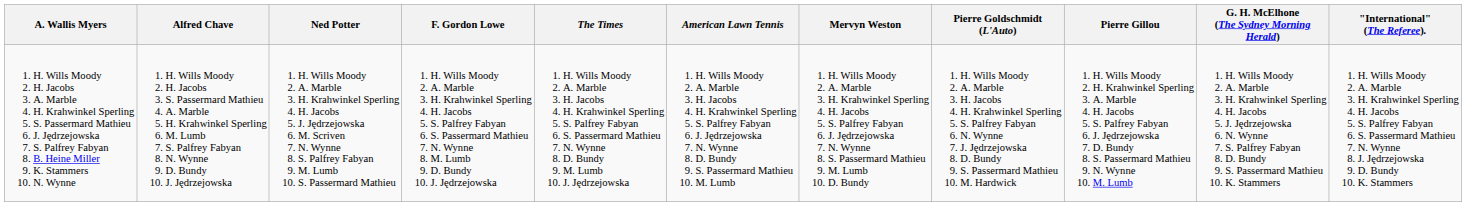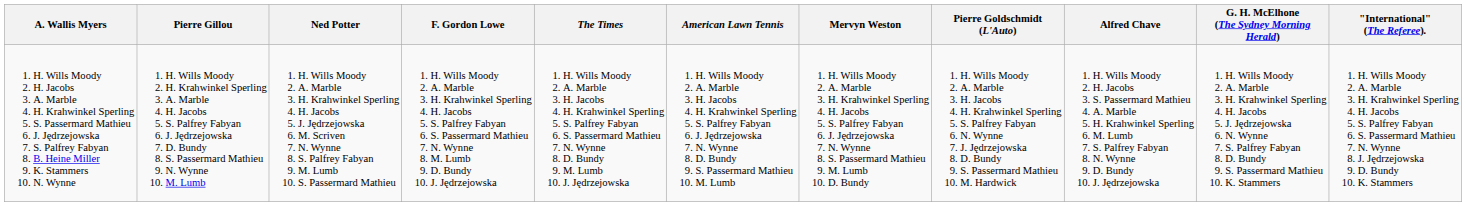 <table class="wikitable">
 <tr>
 <th>A. Wallis Myers</th>
-<th>Alfred Chave</th>
+<th>Pierre Gillou</th>
 <th>Ned Potter</th>
 <th>F. Gordon Lowe<em></em></th>
 <th><em>The Times</em></th>
 <th><em>American Lawn Tennis</em></th>
 <th>Mervyn Weston</th>
 <th>Pierre Goldschmidt<br>(<em>L'Auto</em>)</th>
-<th>Pierre Gillou</th>
+<th>Alfred Chave</th>
 <th>G. H. McElhone<em></em><br>(<em><a href='#'>The Sydney Morning Herald</a></em>)</th>
 <th>"International"<br>(<em><a href='#'>The Referee</a></em>)<em>.</em></th>
 </tr>
 <tr style="vertical-align: top;">
 <td style="white-space: nowrap;"><br><ol><li> H. Wills Moody</li><li> H. Jacobs</li><li> A. Marble</li><li> H. Krahwinkel Sperling</li><li> S. Passermard Mathieu</li><li> J. Jędrzejowska</li><li> S. Palfrey Fabyan</li><li> <a href='#'>B. Heine Miller</a></li><li> K. Stammers</li><li> N. Wynne</li></ol></td>
-<td style="white-space: nowrap;"><br><ol><li> H. Wills Moody</li><li> H. Jacobs</li><li> S. Passermard Mathieu</li><li> A. Marble</li><li> H. Krahwinkel Sperling</li><li> M. Lumb</li><li> S. Palfrey Fabyan</li><li> N. Wynne</li><li> D. Bundy</li><li> J. Jędrzejowska</li></ol></td>
+<td style="white-space: nowrap;"><br><ol><li> H. Wills Moody</li><li> H. Krahwinkel Sperling</li><li> A. Marble</li><li> H. Jacobs</li><li> S. Palfrey Fabyan</li><li> J. Jędrzejowska</li><li> D. Bundy</li><li> S. Passermard Mathieu</li><li> N. Wynne</li><li> <a href='#'>M. Lumb</a></li></ol></td>
 <td style="white-space: nowrap;"><br><ol><li> H. Wills Moody</li><li> A. Marble</li><li> H. Krahwinkel Sperling</li><li> H. Jacobs</li><li> J. Jędrzejowska</li><li> M. Scriven</li><li> N. Wynne</li><li> S. Palfrey Fabyan</li><li> M. Lumb</li><li> S. Passermard Mathieu</li></ol></td>
 <td style="white-space: nowrap;"><br><ol><li> H. Wills Moody</li><li> A. Marble</li><li> H. Krahwinkel Sperling</li><li> H. Jacobs</li><li> S. Palfrey Fabyan</li><li> S. Passermard Mathieu</li><li> N. Wynne</li><li> M. Lumb</li><li> D. Bundy</li><li> J. Jędrzejowska</li></ol></td>
 <td style="white-space: nowrap;"><br><ol><li> H. Wills Moody</li><li> A. Marble</li><li> H. Jacobs</li><li> H. Krahwinkel Sperling</li><li> S. Palfrey Fabyan</li><li> S. Passermard Mathieu</li><li> N. Wynne</li><li> D. Bundy</li><li> M. Lumb</li><li> J. Jędrzejowska</li></ol></td>
 <td style="white-space: nowrap;"><br><ol><li> H. Wills Moody</li><li> A. Marble</li><li> H. Jacobs</li><li> H. Krahwinkel Sperling</li><li> S. Palfrey Fabyan</li><li> J. Jędrzejowska</li><li> N. Wynne</li><li> D. Bundy</li><li> S. Passermard Mathieu</li><li> M. Lumb</li></ol></td>
 <td style="white-space: nowrap;"><br><ol><li> H. Wills Moody</li><li> A. Marble</li><li> H. Krahwinkel Sperling</li><li> H. Jacobs</li><li> S. Palfrey Fabyan</li><li> J. Jędrzejowska</li><li> N. Wynne</li><li> S. Passermard Mathieu</li><li> M. Lumb</li><li> D. Bundy</li></ol></td>
 <td style="white-space: nowrap;"><br><ol><li> H. Wills Moody</li><li> A. Marble</li><li> H. Jacobs</li><li> H. Krahwinkel Sperling</li><li> S. Palfrey Fabyan</li><li> N. Wynne</li><li> J. Jędrzejowska</li><li> D. Bundy</li><li> S. Passermard Mathieu</li><li> M. Hardwick</li></ol></td>
-<td style="white-space: nowrap;"><br><ol><li> H. Wills Moody</li><li> H. Krahwinkel Sperling</li><li> A. Marble</li><li> H. Jacobs</li><li> S. Palfrey Fabyan</li><li> J. Jędrzejowska</li><li> D. Bundy</li><li> S. Passermard Mathieu</li><li> N. Wynne</li><li> <a href='#'>M. Lumb</a></li></ol></td>
+<td style="white-space: nowrap;"><br><ol><li> H. Wills Moody</li><li> H. Jacobs</li><li> S. Passermard Mathieu</li><li> A. Marble</li><li> H. Krahwinkel Sperling</li><li> M. Lumb</li><li> S. Palfrey Fabyan</li><li> N. Wynne</li><li> D. Bundy</li><li> J. Jędrzejowska</li></ol></td>
 <td style="white-space: nowrap;"><br><ol><li> H. Wills Moody</li><li> A. Marble</li><li> H. Krahwinkel Sperling</li><li> H. Jacobs</li><li> J. Jędrzejowska</li><li> N. Wynne</li><li> S. Palfrey Fabyan</li><li> D. Bundy</li><li> S. Passermard Mathieu</li><li> K. Stammers</li></ol></td>
 <td style="white-space: nowrap;"><br><ol><li> H. Wills Moody</li><li> A. Marble</li><li> H. Krahwinkel Sperling</li><li> H. Jacobs</li><li> S. Palfrey Fabyan</li><li> S. Passermard Mathieu</li><li> N. Wynne</li><li> J. Jędrzejowska</li><li> D. Bundy</li><li> K. Stammers</li></ol></td>
 </tr>
 </table>
